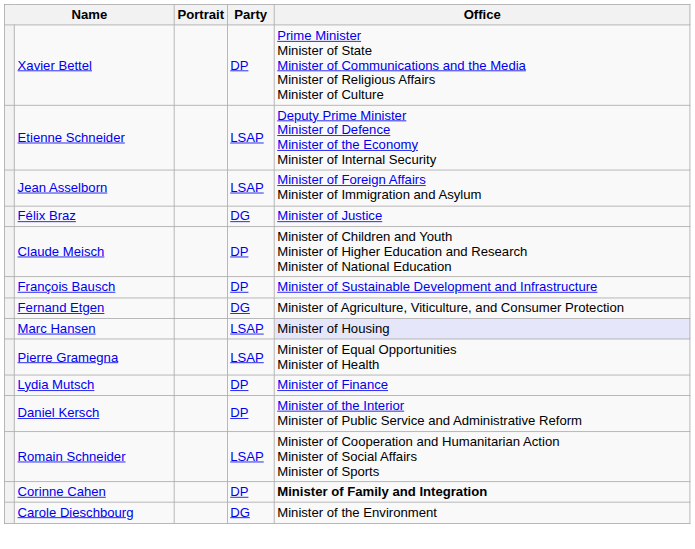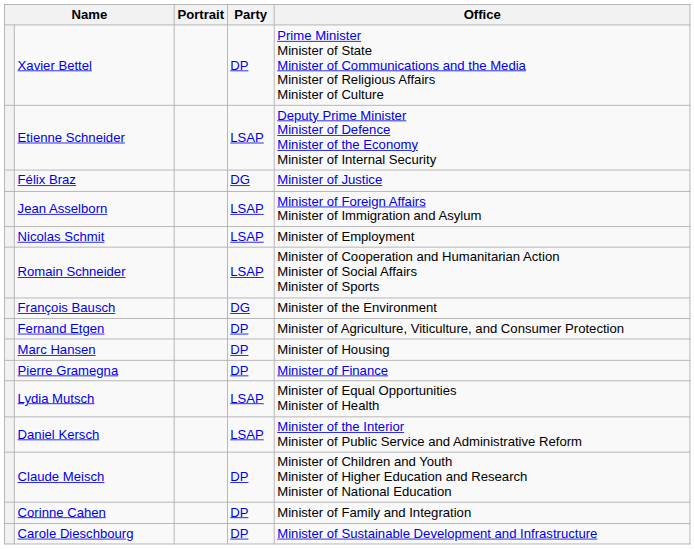 <table class="wikitable">
 <tr>
 <th colspan=2 width=200px>Name</th>
 <th scope=col class="unsortable">Portrait</th>
 <th width="50px">Party</th>
 <th width=500px>Office</th>
 </tr>
 <tr>
 <th width=5px style="background-color: "></th>
 <td valign=center><a href='#'>Xavier Bettel</a></td>
 <td valign=center></td>
 <td valign="center"><a href='#'>DP</a></td>
 <td><a href='#'>Prime Minister</a> <br> Minister of State <br> <a href='#'>Minister of Communications and the Media</a> <br> Minister of Religious Affairs <br> Minister of Culture</td>
 </tr>
 <tr>
 <th style="background-color: "></th>
 <td valign=center><a href='#'>Etienne Schneider</a></td>
 <td valign=center></td>
 <td valign="center"><a href='#'>LSAP</a></td>
 <td><a href='#'>Deputy Prime Minister</a> <br> <a href='#'>Minister of Defence</a> <br> <a href='#'>Minister of the Economy</a> <br> Minister of Internal Security</td>
 </tr>
 <tr>
 <th style="background-color: "></th>
+<td valign=center><a href='#'>Félix Braz</a></td>
+<td valign=center></td>
+<td valign="center"><a href='#'>DG</a></td>
+<td><a href='#'>Minister of Justice</a></td>
+</tr>
+<tr>
+<th style="background-color: "></th>
 <td valign=center><a href='#'>Jean Asselborn</a></td>
 <td valign=center></td>
 <td valign="center"><a href='#'>LSAP</a></td>
 <td><a href='#'>Minister of Foreign Affairs</a> <br> Minister of Immigration and Asylum</td>
 </tr>
 <tr>
 <th style="background-color: "></th>
-<td valign=center><a href='#'>Félix Braz</a></td>
+<td valign=center><a href='#'>Nicolas Schmit</a></td>
+<td valign=center></td>
+<td valign="center"><a href='#'>LSAP</a></td>
+<td>Minister of Employment</td>
+</tr>
+<tr>
+<th style="background-color: "></th>
+<td valign=center><a href='#'>Romain Schneider</a></td>
+<td valign=center></td>
+<td valign="center"><a href='#'>LSAP</a></td>
+<td>Minister of Cooperation and Humanitarian Action <br> Minister of Social Affairs <br> Minister of Sports</td>
+</tr>
+<tr>
+<th style="background-color: "></th>
+<td valign=center><a href='#'>François Bausch</a></td>
 <td valign=center></td>
 <td valign="center"><a href='#'>DG</a></td>
-<td><a href='#'>Minister of Justice</a></td>
+<td>Minister of the Environment</td>
+</tr>
+<tr>
+<th style="background-color: "></th>
+<td valign=center><a href='#'>Fernand Etgen</a></td>
+<td valign=center></td>
+<td valign="center"><a href='#'>DP</a></td>
+<td>Minister of Agriculture, Viticulture, and Consumer Protection</td>
+</tr>
+<tr>
+<th style="background-color: "></th>
+<td valign=center><a href='#'>Marc Hansen</a></td>
+<td valign=center></td>
+<td valign="center"><a href='#'>DP</a></td>
+<td>Minister of Housing</td>
+</tr>
+<tr>
+<th style="background-color: "></th>
+<td valign=center><a href='#'>Pierre Gramegna</a></td>
+<td valign=center></td>
+<td valign="center"><a href='#'>DP</a></td>
+<td><a href='#'>Minister of Finance</a></td>
+</tr>
+<tr>
+<th style="background-color: "></th>
+<td valign=center><a href='#'>Lydia Mutsch</a></td>
+<td valign=center></td>
+<td valign="center"><a href='#'>LSAP</a></td>
+<td>Minister of Equal Opportunities <br> Minister of Health</td>
+</tr>
+<tr>
+<th style="background-color: "></th>
+<td valign=center><a href='#'>Daniel Kersch</a></td>
+<td valign=center></td>
+<td valign="center"><a href='#'>LSAP</a></td>
+<td><a href='#'>Minister of the Interior</a> <br> Minister of Public Service and Administrative Reform</td>
 </tr>
 <tr>
 <th style="background-color: "></th>
 <td valign=center><a href='#'>Claude Meisch</a></td>
 <td valign=center></td>
 <td valign="center"><a href='#'>DP</a></td>
 <td>Minister of Children and Youth <br> Minister of Higher Education and Research <br> Minister of National Education</td>
 </tr>
 <tr>
 <th style="background-color: "></th>
-<td valign=center><a href='#'>François Bausch</a></td>
-<td valign=center></td>
-<td valign="center"><a href='#'>DP</a></td>
-<td><a href='#'>Minister of Sustainable Development and Infrastructure</a></td>
-</tr>
-<tr>
-<th style="background-color: "></th>
-<td valign=center><a href='#'>Fernand Etgen</a></td>
-<td valign=center></td>
-<td valign="center"><a href='#'>DG</a></td>
-<td>Minister of Agriculture, Viticulture, and Consumer Protection</td>
-</tr>
-<tr>
-<th style="background-color: "></th>
-<td valign=center><a href='#'>Marc Hansen</a></td>
-<td valign=center></td>
-<td valign="center"><a href='#'>LSAP</a></td>
-<td style="background: lavender;">Minister of Housing</td>
-</tr>
-<tr>
-<th style="background-color: "></th>
-<td valign=center><a href='#'>Pierre Gramegna</a></td>
-<td valign=center></td>
-<td valign="center"><a href='#'>LSAP</a></td>
-<td>Minister of Equal Opportunities <br> Minister of Health</td>
-</tr>
-<tr>
-<th style="background-color: "></th>
-<td valign=center><a href='#'>Lydia Mutsch</a></td>
-<td valign=center></td>
-<td valign="center"><a href='#'>DP</a></td>
-<td><a href='#'>Minister of Finance</a></td>
-</tr>
-<tr>
-<th style="background-color: "></th>
-<td valign=center><a href='#'>Daniel Kersch</a></td>
-<td valign=center></td>
-<td valign="center"><a href='#'>DP</a></td>
-<td><a href='#'>Minister of the Interior</a> <br> Minister of Public Service and Administrative Reform</td>
-</tr>
-<tr>
-<th style="background-color: "></th>
-<td valign=center><a href='#'>Romain Schneider</a></td>
-<td valign=center></td>
-<td valign="center"><a href='#'>LSAP</a></td>
-<td>Minister of Cooperation and Humanitarian Action <br> Minister of Social Affairs <br> Minister of Sports</td>
-</tr>
-<tr>
-<th style="background-color: "></th>
 <td valign=center><a href='#'>Corinne Cahen</a></td>
 <td valign=center></td>
 <td valign="center"><a href='#'>DP</a></td>
-<td><strong>Minister of Family and Integration</strong></td>
+<td>Minister of Family and Integration</td>
 </tr>
 <tr>
 <th style="background-color: "></th>
 <td valign=center><a href='#'>Carole Dieschbourg</a></td>
 <td valign=center></td>
-<td valign="center"><a href='#'>DG</a></td>
-<td>Minister of the Environment</td>
+<td valign="center"><a href='#'>DP</a></td>
+<td><a href='#'>Minister of Sustainable Development and Infrastructure</a></td>
 </tr>
 </table>
